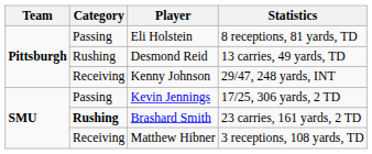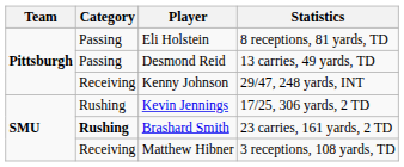 <table class="wikitable" style="float: right;">
 <tr>
 <th>Team</th>
 <th>Category</th>
 <th>Player</th>
 <th>Statistics</th>
 </tr>
 <tr>
 <td rowspan=3><strong>Pittsburgh</strong></td>
 <td>Passing</td>
 <td>Eli Holstein</td>
 <td>8 receptions, 81 yards, TD</td>
 </tr>
 <tr>
-<td>Rushing</td>
+<td>Passing</td>
 <td>Desmond Reid</td>
 <td>13 carries, 49 yards, TD</td>
 </tr>
 <tr>
 <td>Receiving</td>
 <td>Kenny Johnson</td>
 <td>29/47, 248 yards, INT</td>
 </tr>
 <tr>
 <td rowspan=3><strong>SMU</strong></td>
-<td>Passing</td>
+<td>Rushing</td>
 <td><a href='#'>Kevin Jennings</a></td>
 <td>17/25, 306 yards, 2 TD</td>
 </tr>
 <tr>
 <td><strong>Rushing</strong></td>
 <td><a href='#'>Brashard Smith</a></td>
 <td>23 carries, 161 yards, 2 TD</td>
 </tr>
 <tr>
 <td>Receiving</td>
 <td>Matthew Hibner</td>
 <td>3 receptions, 108 yards, TD</td>
 </tr>
 </table>
